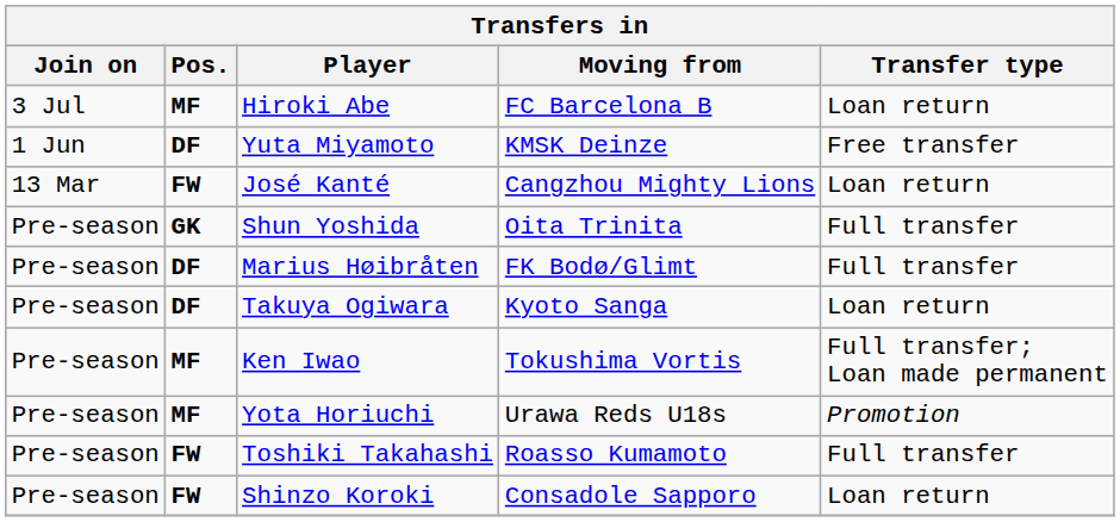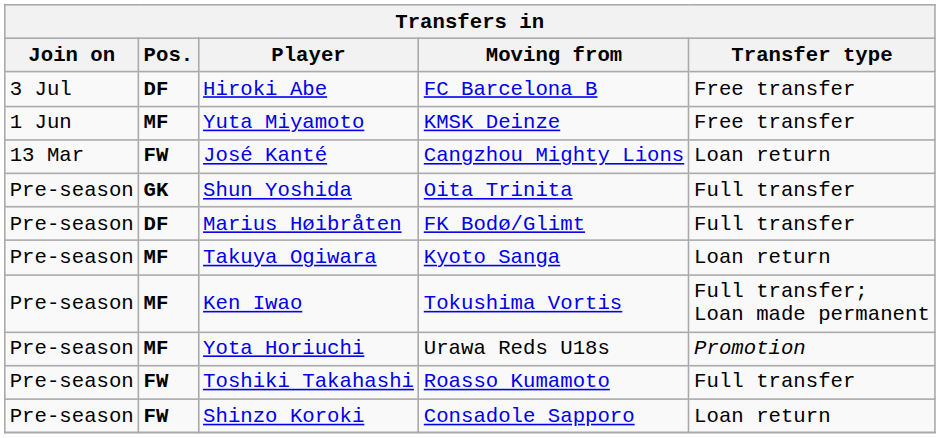 <table class="wikitable sortable" style=“text-align:left;>
 <tr>
 <th colspan="5">Transfers in</th>
 </tr>
 <tr>
 <th>Join on</th>
 <th>Pos.</th>
 <th>Player</th>
 <th>Moving from</th>
 <th>Transfer type</th>
 </tr>
 <tr>
 <td>3 Jul</td>
-<td><strong>MF</strong></td>
+<td><strong>DF</strong></td>
 <td> <a href='#'>Hiroki Abe</a></td>
 <td> <a href='#'>FC Barcelona B</a></td>
-<td>Loan return</td>
+<td>Free transfer</td>
 </tr>
 <tr>
 <td>1 Jun</td>
-<td><strong>DF</strong></td>
+<td><strong>MF</strong></td>
 <td> <a href='#'>Yuta Miyamoto</a></td>
 <td> <a href='#'>KMSK Deinze</a></td>
 <td>Free transfer</td>
 </tr>
 <tr>
 <td>13 Mar</td>
 <td><strong>FW</strong></td>
 <td> <a href='#'>José Kanté</a></td>
 <td> <a href='#'>Cangzhou Mighty Lions</a></td>
 <td>Loan return</td>
 </tr>
 <tr>
 <td>Pre-season</td>
 <td><strong>GK</strong></td>
 <td> <a href='#'>Shun Yoshida</a></td>
 <td> <a href='#'>Oita Trinita</a></td>
 <td>Full transfer</td>
 </tr>
 <tr>
 <td>Pre-season</td>
 <td><strong>DF</strong></td>
 <td> <a href='#'>Marius Høibråten</a></td>
 <td> <a href='#'>FK Bodø/Glimt</a></td>
 <td>Full transfer</td>
 </tr>
 <tr>
 <td>Pre-season</td>
-<td><strong>DF</strong></td>
+<td><strong>MF</strong></td>
 <td> <a href='#'>Takuya Ogiwara</a></td>
 <td> <a href='#'>Kyoto Sanga</a></td>
 <td>Loan return</td>
 </tr>
 <tr>
 <td>Pre-season</td>
 <td><strong>MF</strong></td>
 <td> <a href='#'>Ken Iwao</a></td>
 <td> <a href='#'>Tokushima Vortis</a></td>
 <td>Full transfer;<br> Loan made permanent</td>
 </tr>
 <tr>
 <td>Pre-season</td>
 <td><strong>MF</strong></td>
 <td> <a href='#'>Yota Horiuchi</a></td>
 <td>Urawa Reds U18s</td>
 <td><em>Promotion</em></td>
 </tr>
 <tr>
 <td>Pre-season</td>
 <td><strong>FW</strong></td>
 <td> <a href='#'>Toshiki Takahashi</a></td>
 <td> <a href='#'>Roasso Kumamoto</a></td>
 <td>Full transfer</td>
 </tr>
 <tr>
 <td>Pre-season</td>
 <td><strong>FW</strong></td>
 <td> <a href='#'>Shinzo Koroki</a></td>
 <td> <a href='#'>Consadole Sapporo</a></td>
 <td>Loan return</td>
 </tr>
 <tr>
 </tr>
 </table>
